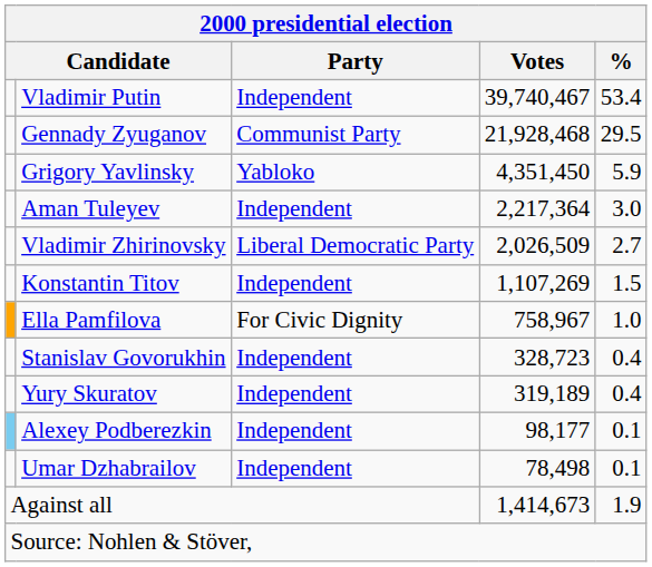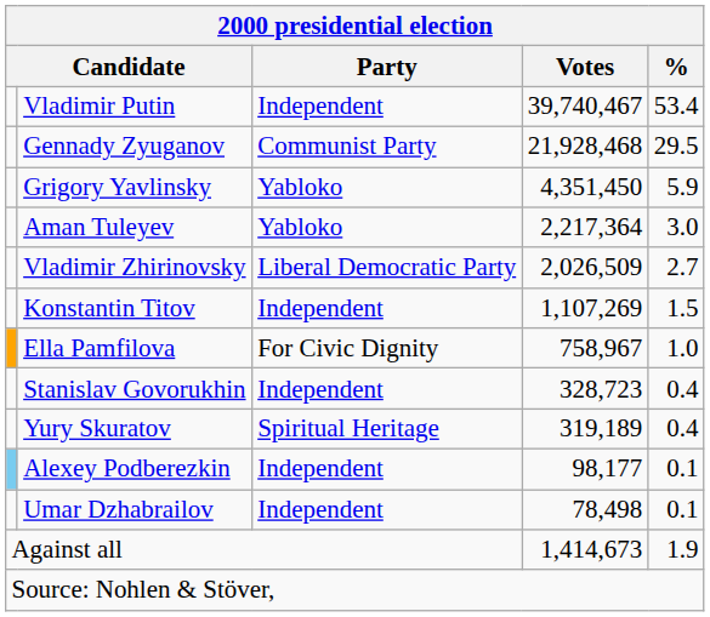 <table class=wikitable style=text-align:right>
 <tr>
 <th colspan=5><a href='#'>2000 presidential election</a></th>
 </tr>
 <tr>
 <th colspan=2>Candidate</th>
 <th>Party</th>
 <th>Votes</th>
 <th>%</th>
 </tr>
 <tr>
 <td style="background-color: "></td>
 <td align=left><a href='#'>Vladimir Putin</a></td>
 <td align=left><a href='#'>Independent</a></td>
 <td>39,740,467</td>
 <td>53.4</td>
 </tr>
 <tr>
 <td style="background-color: "></td>
 <td align=left><a href='#'>Gennady Zyuganov</a></td>
 <td align=left><a href='#'>Communist Party</a></td>
 <td>21,928,468</td>
 <td>29.5</td>
 </tr>
 <tr>
 <td style="background-color: "></td>
 <td align=left><a href='#'>Grigory Yavlinsky</a></td>
 <td align=left><a href='#'>Yabloko</a></td>
 <td>4,351,450</td>
 <td>5.9</td>
 </tr>
 <tr>
 <td style="background-color: "></td>
 <td align=left><a href='#'>Aman Tuleyev</a></td>
-<td align=left><a href='#'>Independent</a></td>
+<td align=left><a href='#'>Yabloko</a></td>
 <td>2,217,364</td>
 <td>3.0</td>
 </tr>
 <tr>
 <td style="background-color: "></td>
 <td align=left><a href='#'>Vladimir Zhirinovsky</a></td>
 <td align=left><a href='#'>Liberal Democratic Party</a></td>
 <td>2,026,509</td>
 <td>2.7</td>
 </tr>
 <tr>
 <td style="background-color: "></td>
 <td align=left><a href='#'>Konstantin Titov</a></td>
 <td align=left><a href='#'>Independent</a></td>
 <td>1,107,269</td>
 <td>1.5</td>
 </tr>
 <tr>
 <td style="background-color: #ffa500"></td>
 <td align=left><a href='#'>Ella Pamfilova</a></td>
 <td align=left>For Civic Dignity</td>
 <td>758,967</td>
 <td>1.0</td>
 </tr>
 <tr>
 <td style="background-color: "></td>
 <td align=left><a href='#'>Stanislav Govorukhin</a></td>
 <td align=left><a href='#'>Independent</a></td>
 <td>328,723</td>
 <td>0.4</td>
 </tr>
 <tr>
 <td style="background-color: "></td>
 <td align=left><a href='#'>Yury Skuratov</a></td>
-<td align=left><a href='#'>Independent</a></td>
+<td align=left><a href='#'>Spiritual Heritage</a></td>
 <td>319,189</td>
 <td>0.4</td>
 </tr>
 <tr>
 <td style="background-color: #78ccf0"></td>
 <td align=left><a href='#'>Alexey Podberezkin</a></td>
 <td align=left><a href='#'>Independent</a></td>
 <td>98,177</td>
 <td>0.1</td>
 </tr>
 <tr>
 <td style="background-color: "></td>
 <td align=left><a href='#'>Umar Dzhabrailov</a></td>
 <td align=left><a href='#'>Independent</a></td>
 <td>78,498</td>
 <td>0.1</td>
 </tr>
 <tr>
 <td align=left colspan=3>Against all</td>
 <td>1,414,673</td>
 <td>1.9</td>
 </tr>
 <tr>
 <td align=left colspan=5>Source: Nohlen & Stöver,</td>
 </tr>
 </table>
